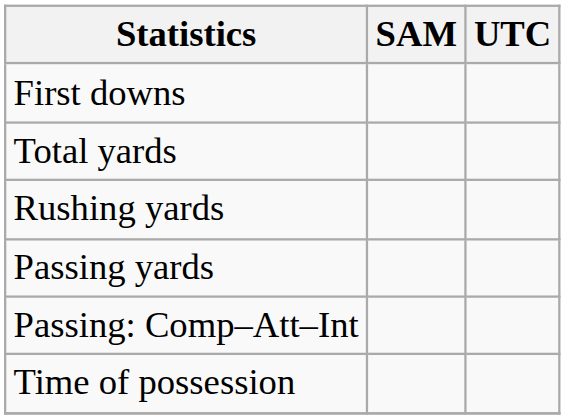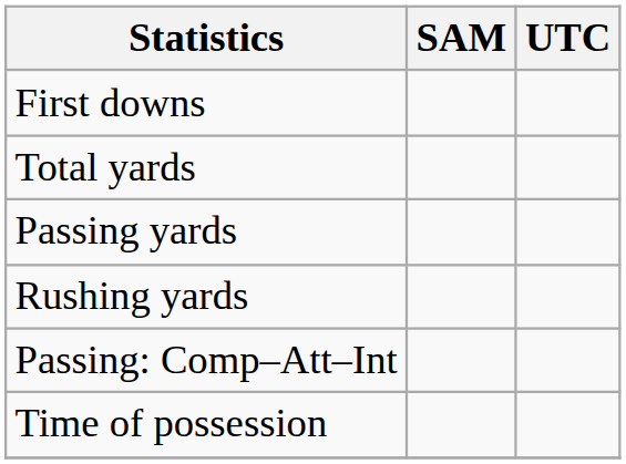 <table class="wikitable" style="float: left;">
 <tr>
 <th>Statistics</th>
 <th>SAM</th>
 <th>UTC</th>
 </tr>
 <tr>
 <td>First downs</td>
 <td></td>
 <td></td>
 </tr>
 <tr>
 <td>Total yards</td>
 <td></td>
 <td></td>
 </tr>
 <tr>
-<td>Rushing yards</td>
+<td>Passing yards</td>
 <td></td>
 <td></td>
 </tr>
 <tr>
-<td>Passing yards</td>
+<td>Rushing yards</td>
 <td></td>
 <td></td>
 </tr>
 <tr>
 <td>Passing: Comp–Att–Int</td>
 <td></td>
 <td></td>
 </tr>
 <tr>
 <td>Time of possession</td>
 <td></td>
 <td></td>
 </tr>
 <tr>
 </tr>
 </table>
